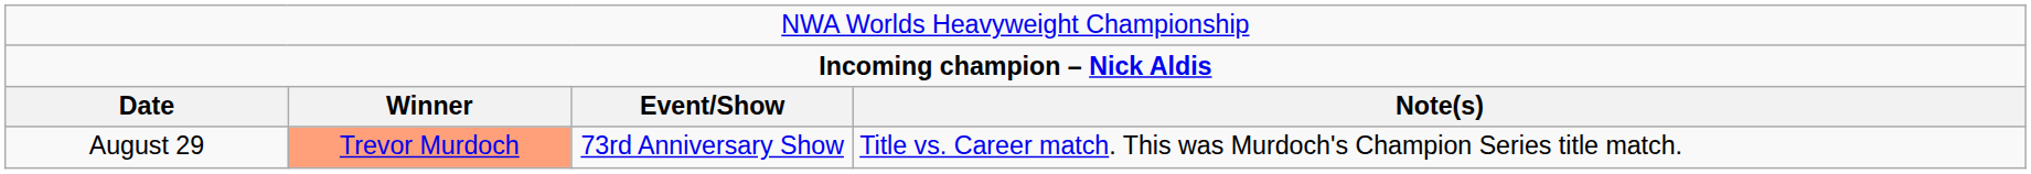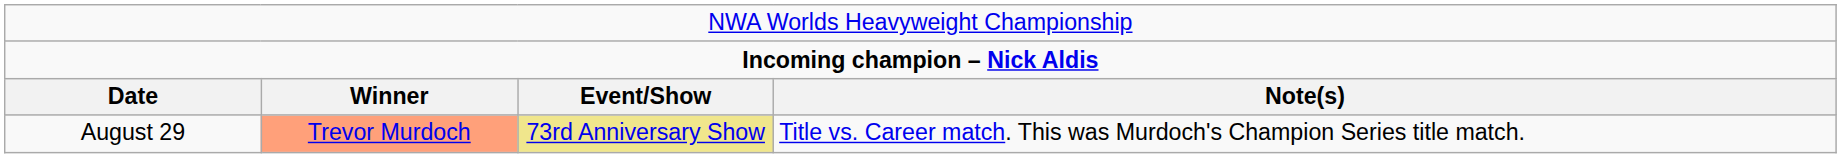 <table class="wikitable" style="text-align:center; width:100%;">
 <tr>
 <td colspan="4" style="text-align: center;"><a href='#'>NWA Worlds Heavyweight Championship</a></td>
 </tr>
 <tr>
 <td colspan="4" style="text-align: center;"><strong>Incoming champion – <a href='#'>Nick Aldis</a></strong></td>
 </tr>
 <tr>
 <th width=14%>Date</th>
 <th width=14%>Winner</th>
 <th width=14%>Event/Show</th>
 <th width=58%>Note(s)</th>
 </tr>
 <tr>
 <td>August 29</td>
 <td style="background: lightsalmon;"><a href='#'>Trevor Murdoch</a></td>
-<td><a href='#'>73rd Anniversary Show</a></td>
+<td style="background: khaki;"><a href='#'>73rd Anniversary Show</a></td>
 <td align=left><a href='#'>Title vs. Career match</a>. This was Murdoch's Champion Series title match.</td>
 </tr>
 </table>
